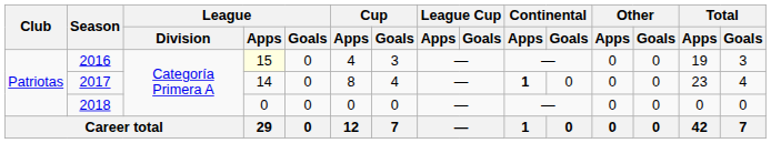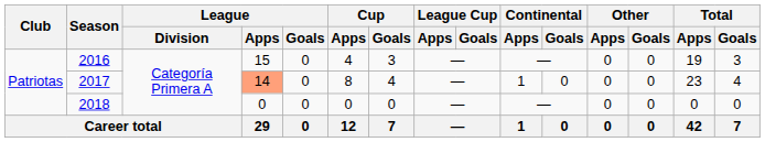 <table class="wikitable" style="text-align:center">
 <tr>
 <th rowspan="2">Club</th>
 <th rowspan="2">Season</th>
 <th colspan="3">League</th>
 <th colspan="2">Cup</th>
 <th colspan="2">League Cup</th>
 <th colspan="2">Continental</th>
 <th colspan="2">Other</th>
 <th colspan="2">Total</th>
 </tr>
 <tr>
 <th>Division</th>
 <th>Apps</th>
 <th>Goals</th>
 <th>Apps</th>
 <th>Goals</th>
 <th>Apps</th>
 <th>Goals</th>
 <th>Apps</th>
 <th>Goals</th>
 <th>Apps</th>
 <th>Goals</th>
 <th>Apps</th>
 <th>Goals</th>
 </tr>
 <tr>
 <td rowspan="3"><a href='#'>Patriotas</a></td>
 <td><a href='#'>2016</a></td>
 <td rowspan="3"><a href='#'>Categoría Primera A</a></td>
-<td style="background: lightyellow;">15</td>
+<td>15</td>
 <td>0</td>
 <td>4</td>
 <td>3</td>
 <td colspan="2">—</td>
 <td colspan="2">—</td>
 <td>0</td>
 <td>0</td>
 <td>19</td>
 <td>3</td>
 </tr>
 <tr>
 <td><a href='#'>2017</a></td>
-<td>14</td>
+<td style="background: lightsalmon;">14</td>
 <td>0</td>
 <td>8</td>
 <td>4</td>
 <td colspan="2">—</td>
-<td><strong>1</strong></td>
+<td>1</td>
 <td>0</td>
 <td>0</td>
 <td>0</td>
 <td>23</td>
 <td>4</td>
 </tr>
 <tr>
 <td><a href='#'>2018</a></td>
 <td>0</td>
 <td>0</td>
 <td>0</td>
 <td>0</td>
 <td colspan="2">—</td>
 <td colspan="2">—</td>
 <td>0</td>
 <td>0</td>
 <td>0</td>
 <td>0</td>
 </tr>
 <tr>
 <th colspan="3">Career total</th>
 <th>29</th>
 <th>0</th>
 <th>12</th>
 <th>7</th>
 <th colspan="2">—</th>
 <th>1</th>
 <th>0</th>
 <th>0</th>
 <th>0</th>
 <th>42</th>
 <th>7</th>
 </tr>
 </table>
